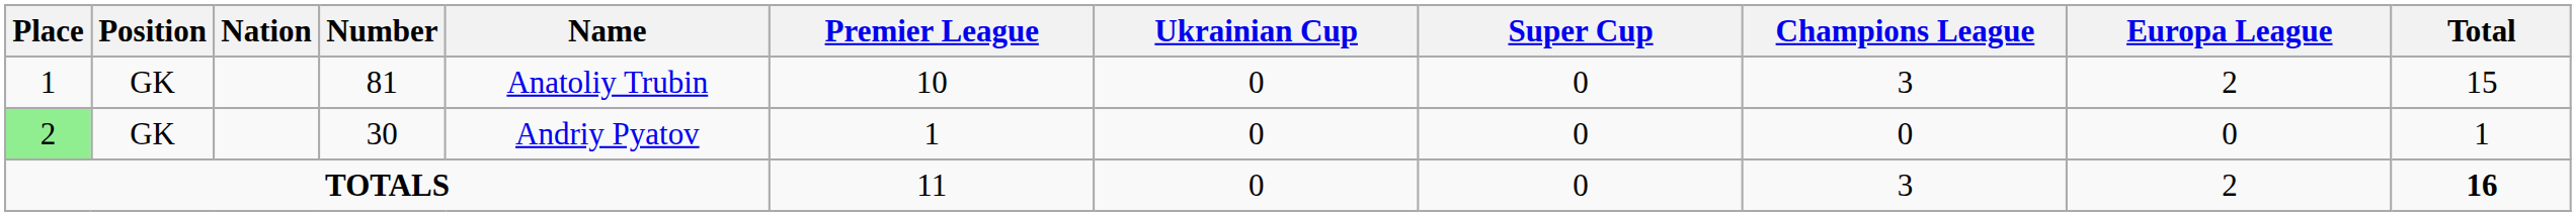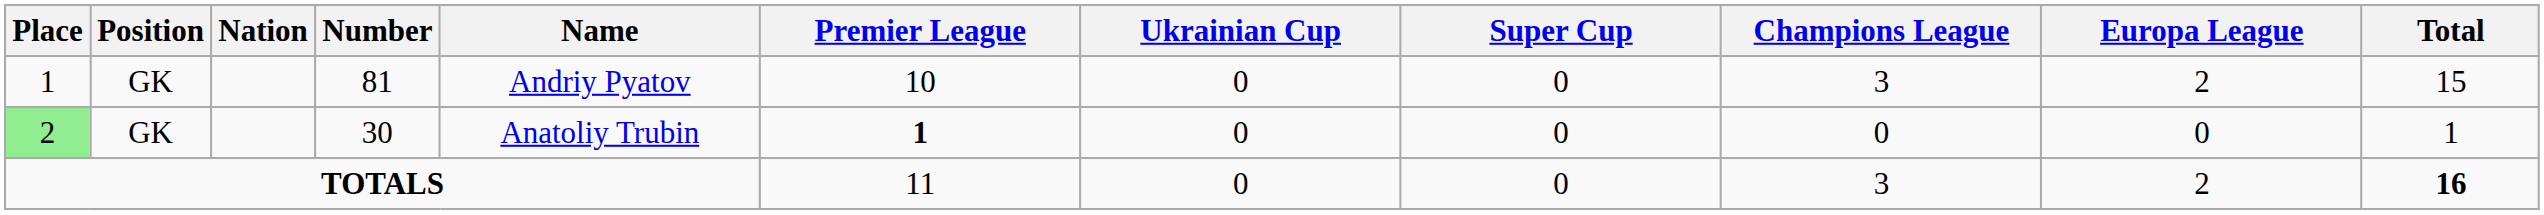 <table class="wikitable" style="font-size: 95%; text-align: center;">
 <tr>
 <th width=20>Place</th>
 <th width=20>Position</th>
 <th width=20>Nation</th>
 <th width=20>Number</th>
 <th width=150>Name</th>
 <th width=150><a href='#'>Premier League</a></th>
 <th width=150><a href='#'>Ukrainian Cup</a></th>
 <th width=150><a href='#'>Super Cup</a></th>
 <th width=150><a href='#'>Champions League</a></th>
 <th width=150><a href='#'>Europa League</a></th>
 <th width=80>Total</th>
 </tr>
 <tr>
 <td>1</td>
 <td>GK</td>
 <td></td>
 <td>81</td>
-<td><a href='#'>Anatoliy Trubin</a></td>
+<td><a href='#'>Andriy Pyatov</a></td>
 <td>10</td>
 <td>0</td>
 <td>0</td>
 <td>3</td>
 <td>2</td>
 <td>15</td>
 </tr>
 <tr>
 <td style="background: lightgreen;">2</td>
 <td>GK</td>
 <td></td>
 <td>30</td>
-<td><a href='#'>Andriy Pyatov</a></td>
-<td>1</td>
+<td><a href='#'>Anatoliy Trubin</a></td>
+<td><strong>1</strong></td>
 <td>0</td>
 <td>0</td>
 <td>0</td>
 <td>0</td>
 <td>1</td>
 </tr>
 <tr>
 <td colspan="5"><strong>TOTALS</strong></td>
 <td>11</td>
 <td>0</td>
 <td>0</td>
 <td>3</td>
 <td>2</td>
 <td><strong>16</strong></td>
 </tr>
 </table>
